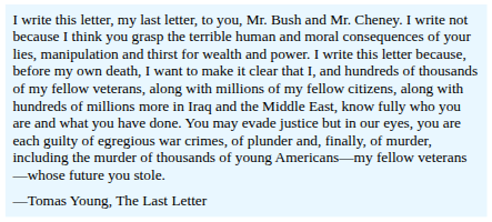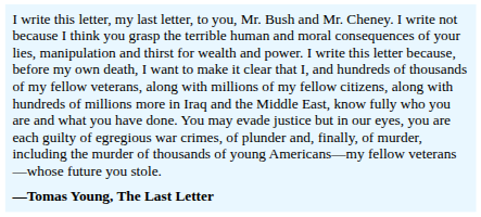 <table class="toccolours" style="float: right; margin-left: 4em; margin-right: 2em; font-size: 80%; background:#E9F7FF; color:black; width:35em; max-width: 33%;" cellspacing="5">
 <tr>
 <td style="text-align: left;">I write this letter, my last letter, to you, Mr. Bush and Mr. Cheney. I write not because I think you grasp the terrible human and moral consequences of your lies, manipulation and thirst for wealth and power. I write this letter because, before my own death, I want to make it clear that I, and hundreds of thousands of my fellow veterans, along with millions of my fellow citizens, along with hundreds of millions more in Iraq and the Middle East, know fully who you are and what you have done. You may evade justice but in our eyes, you are each guilty of egregious war crimes, of plunder and, finally, of murder, including the murder of thousands of young Americans—my fellow veterans—whose future you stole.</td>
 </tr>
 <tr>
-<td style="text-align: left;">—Tomas Young, The Last Letter</td>
+<td style="text-align: left;"><strong>—Tomas Young, The Last Letter</strong></td>
 </tr>
 </table>
